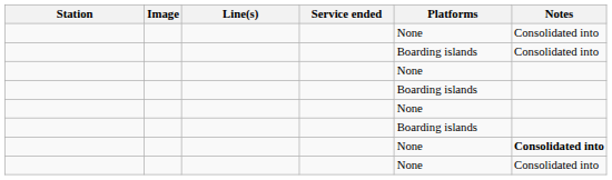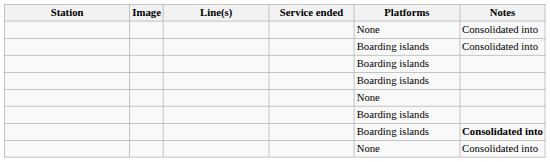 <table class="wikitable sortable" style="font-size:100%">
 <tr>
 <th width="180">Station</th>
 <th>Image</th>
 <th width="150">Line(s)</th>
 <th width="120">Service ended</th>
 <th width="150">Platforms</th>
 <th>Notes</th>
 </tr>
 <tr>
 <td></td>
 <td></td>
 <td></td>
 <td></td>
 <td>None</td>
 <td>Consolidated into </td>
 </tr>
 <tr>
 <td></td>
 <td></td>
 <td></td>
 <td></td>
 <td>Boarding islands</td>
 <td>Consolidated into </td>
 </tr>
 <tr>
 <td></td>
 <td></td>
 <td></td>
 <td></td>
-<td>None</td>
+<td>Boarding islands</td>
 <td></td>
 </tr>
 <tr>
 <td></td>
 <td></td>
 <td></td>
 <td></td>
 <td>Boarding islands</td>
 <td></td>
 </tr>
 <tr>
 <td></td>
 <td></td>
 <td></td>
 <td></td>
 <td>None</td>
 <td></td>
 </tr>
 <tr>
 <td></td>
 <td></td>
 <td></td>
 <td></td>
 <td>Boarding islands</td>
 <td></td>
 </tr>
 <tr>
 <td></td>
 <td></td>
 <td></td>
 <td></td>
-<td>None</td>
+<td>Boarding islands</td>
 <td><strong>Consolidated into </strong></td>
 </tr>
 <tr>
 <td></td>
 <td></td>
 <td></td>
 <td></td>
 <td>None</td>
 <td>Consolidated into </td>
 </tr>
 </table>
